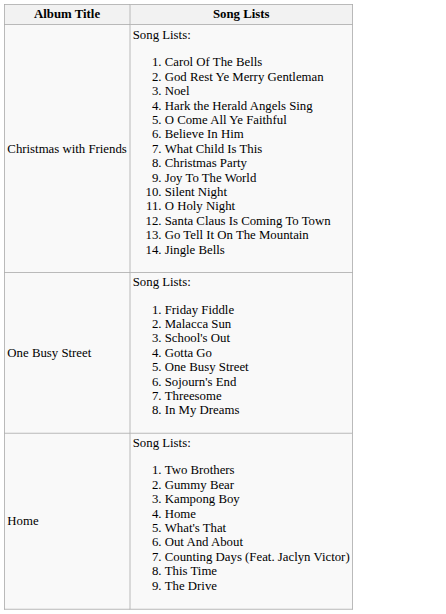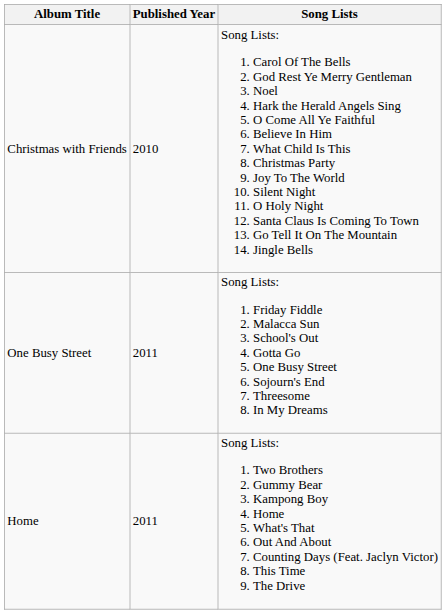 <table class="wikitable">
 <tr>
 <th>Album Title</th>
+<th>Published Year</th>
 <th>Song Lists</th>
 </tr>
 <tr>
 <td>Christmas with Friends</td>
+<td>2010</td>
 <td>Song Lists:<br><ol><li>Carol Of The Bells</li><li>God Rest Ye Merry Gentleman</li><li>Noel</li><li>Hark the Herald Angels Sing</li><li>O Come All Ye Faithful</li><li>Believe In Him</li><li>What Child Is This</li><li>Christmas Party</li><li>Joy To The World</li><li>Silent Night</li><li>O Holy Night</li><li>Santa Claus Is Coming To Town</li><li>Go Tell It On The Mountain</li><li>Jingle Bells</li></ol></td>
 </tr>
 <tr>
 <td>One Busy Street</td>
+<td>2011</td>
 <td>Song Lists:<br><ol><li>Friday Fiddle</li><li>Malacca Sun</li><li>School's Out</li><li>Gotta Go</li><li>One Busy Street</li><li>Sojourn's End</li><li>Threesome</li><li>In My Dreams</li></ol></td>
 </tr>
 <tr>
 <td>Home</td>
+<td>2011</td>
 <td>Song Lists:<br><ol><li>Two Brothers</li><li>Gummy Bear</li><li>Kampong Boy</li><li>Home</li><li>What's That</li><li>Out And About</li><li>Counting Days (Feat. Jaclyn Victor)</li><li>This Time</li><li>The Drive</li></ol></td>
 </tr>
 </table>
